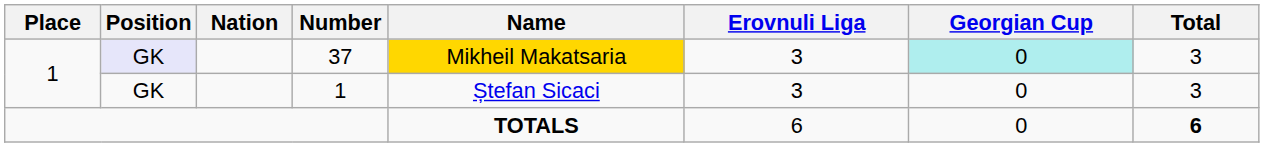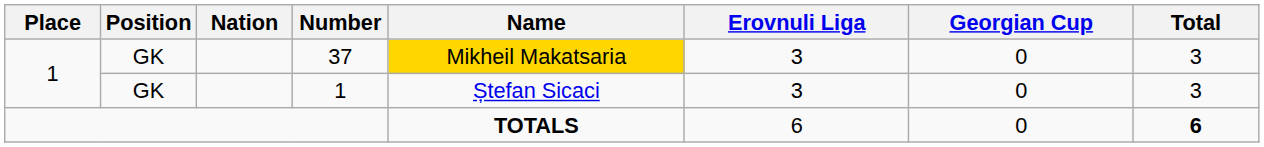 <table class="wikitable" style="font-size: 95%; text-align: center;">
 <tr>
 <th width=60>Place</th>
 <th width=60>Position</th>
 <th width=60>Nation</th>
 <th width=60>Number</th>
 <th width=200>Name</th>
 <th width=150><a href='#'>Erovnuli Liga</a></th>
 <th width=150><a href='#'>Georgian Cup</a></th>
 <th width=80>Total</th>
 </tr>
 <tr>
 <td rowspan="2">1</td>
-<td style="background: lavender;">GK</td>
+<td>GK</td>
 <td></td>
 <td>37</td>
 <td style="background: gold;">Mikheil Makatsaria</td>
 <td>3</td>
-<td style="background: paleturquoise;">0</td>
+<td>0</td>
 <td>3</td>
 </tr>
 <tr>
 <td>GK</td>
 <td></td>
 <td>1</td>
 <td><a href='#'>Ștefan Sicaci</a></td>
 <td>3</td>
 <td>0</td>
 <td>3</td>
 </tr>
 <tr>
 <td colspan="4"></td>
 <td><strong>TOTALS</strong></td>
 <td>6</td>
 <td>0</td>
 <td><strong>6</strong></td>
 </tr>
 </table>
